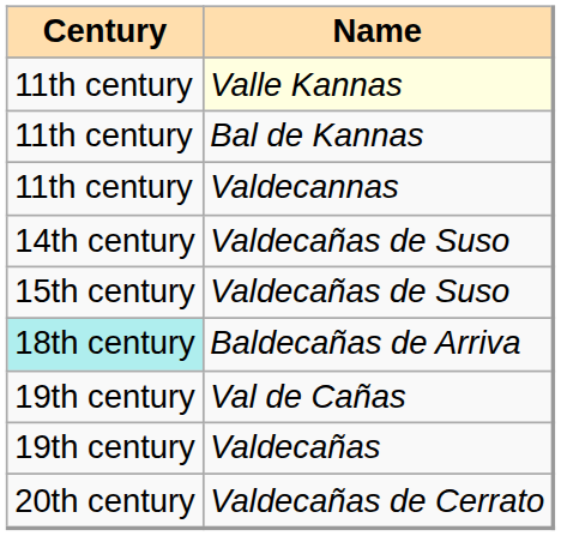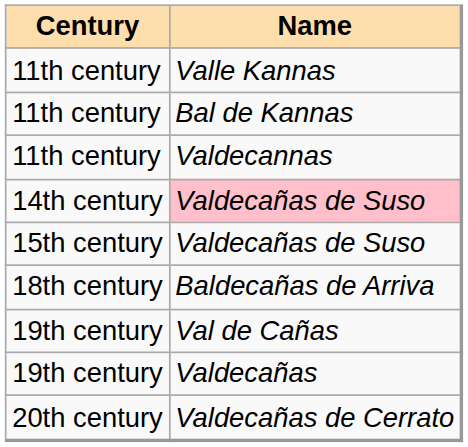 <table class="wikitable" border="1" align="right" style="border:1px solid #999; border-right:2px solid #999; border-bottom:2px solid #999">
 <tr>
 <th ! style="background-color:#ffdead; text-align:center">Century</th>
 <th style="background-color:#ffdead; text-align:center">Name</th>
 </tr>
 <tr>
 <td>11th century</td>
-<td style="background: lightyellow;"><em>Valle Kannas</em></td>
+<td><em>Valle Kannas</em></td>
 </tr>
 <tr>
 <td>11th century</td>
 <td><em>Bal de Kannas</em></td>
 </tr>
 <tr>
 <td>11th century</td>
 <td><em>Valdecannas</em></td>
 </tr>
 <tr>
 <td>14th century</td>
-<td><em>Valdecañas de Suso</em></td>
+<td style="background: pink;"><em>Valdecañas de Suso</em></td>
 </tr>
 <tr>
 <td>15th century</td>
 <td><em>Valdecañas de Suso</em></td>
 </tr>
 <tr>
-<td style="background: paleturquoise;">18th century</td>
+<td>18th century</td>
 <td><em>Baldecañas de Arriva</em></td>
 </tr>
 <tr>
 <td>19th century</td>
 <td><em>Val de Cañas</em></td>
 </tr>
 <tr>
 <td>19th century</td>
 <td><em>Valdecañas</em></td>
 </tr>
 <tr>
 <td>20th century</td>
 <td><em>Valdecañas de Cerrato</em></td>
 </tr>
 </table>
